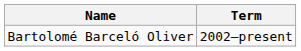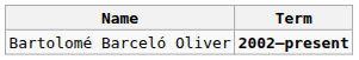 <table class="wikitable">
 <tr>
 <th>Name</th>
 <th>Term</th>
 </tr>
 <tr>
 <td>Bartolomé Barceló Oliver</td>
-<td>2002–present</td>
+<td><strong>2002–present</strong></td>
 </tr>
 </table>
